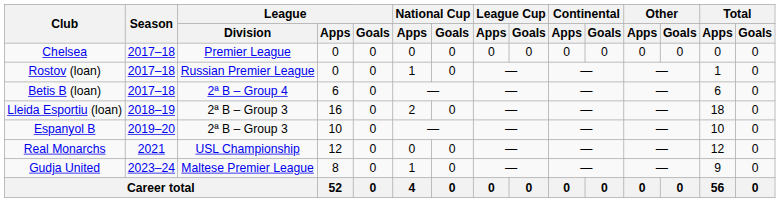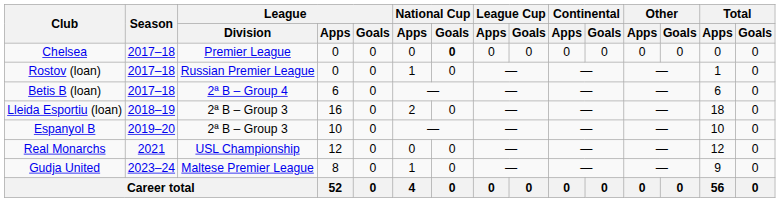 <table class="wikitable" style="text-align: center;">
 <tr>
 <th rowspan="2">Club</th>
 <th rowspan="2">Season</th>
 <th colspan="3">League</th>
 <th colspan="2">National Cup</th>
 <th colspan="2">League Cup</th>
 <th colspan="2">Continental</th>
 <th colspan="2">Other</th>
 <th colspan="2">Total</th>
 </tr>
 <tr>
 <th>Division</th>
 <th>Apps</th>
 <th>Goals</th>
 <th>Apps</th>
 <th>Goals</th>
 <th>Apps</th>
 <th>Goals</th>
 <th>Apps</th>
 <th>Goals</th>
 <th>Apps</th>
 <th>Goals</th>
 <th>Apps</th>
 <th>Goals</th>
 </tr>
 <tr>
 <td valign="center"><a href='#'>Chelsea</a></td>
 <td><a href='#'>2017–18</a></td>
 <td><a href='#'>Premier League</a></td>
 <td>0</td>
 <td>0</td>
 <td>0</td>
-<td>0</td>
+<td><strong>0</strong></td>
 <td>0</td>
 <td>0</td>
 <td>0</td>
 <td>0</td>
 <td>0</td>
 <td>0</td>
 <td>0</td>
 <td>0</td>
 </tr>
 <tr>
 <td valign="center"><a href='#'>Rostov</a> (loan)</td>
 <td><a href='#'>2017–18</a></td>
 <td><a href='#'>Russian Premier League</a></td>
 <td>0</td>
 <td>0</td>
 <td>1</td>
 <td>0</td>
 <td colspan="2">—</td>
 <td colspan="2">—</td>
 <td colspan="2">—</td>
 <td>1</td>
 <td>0</td>
 </tr>
 <tr>
 <td valign="center"><a href='#'>Betis B</a> (loan)</td>
 <td><a href='#'>2017–18</a></td>
 <td><a href='#'>2ª B – Group 4</a></td>
 <td>6</td>
 <td>0</td>
 <td colspan="2">—</td>
 <td colspan="2">—</td>
 <td colspan="2">—</td>
 <td colspan="2">—</td>
 <td>6</td>
 <td>0</td>
 </tr>
 <tr>
 <td valign="center"><a href='#'>Lleida Esportiu</a> (loan)</td>
 <td><a href='#'>2018–19</a></td>
 <td>2ª B – Group 3</td>
 <td>16</td>
 <td>0</td>
 <td>2</td>
 <td>0</td>
 <td colspan="2">—</td>
 <td colspan="2">—</td>
 <td colspan="2">—</td>
 <td>18</td>
 <td>0</td>
 </tr>
 <tr>
 <td valign="center"><a href='#'>Espanyol B</a></td>
 <td><a href='#'>2019–20</a></td>
 <td>2ª B – Group 3</td>
 <td>10</td>
 <td>0</td>
 <td colspan="2">—</td>
 <td colspan="2">—</td>
 <td colspan="2">—</td>
 <td colspan="2">—</td>
 <td>10</td>
 <td>0</td>
 </tr>
 <tr>
 <td valign="center"><a href='#'>Real Monarchs</a></td>
 <td><a href='#'>2021</a></td>
 <td><a href='#'>USL Championship</a></td>
 <td>12</td>
 <td>0</td>
 <td>0</td>
 <td>0</td>
 <td colspan="2">—</td>
 <td colspan="2">—</td>
 <td colspan="2">—</td>
 <td>12</td>
 <td>0</td>
 </tr>
 <tr>
 <td><a href='#'>Gudja United</a></td>
 <td><a href='#'>2023–24</a></td>
 <td><a href='#'>Maltese Premier League</a></td>
 <td>8</td>
 <td>0</td>
 <td>1</td>
 <td>0</td>
 <td colspan="2">—</td>
 <td colspan="2">—</td>
 <td colspan="2">—</td>
 <td>9</td>
 <td>0</td>
 </tr>
 <tr>
 <th colspan="3">Career total</th>
 <th>52</th>
 <th>0</th>
 <th>4</th>
 <th>0</th>
 <th>0</th>
 <th>0</th>
 <th>0</th>
 <th>0</th>
 <th>0</th>
 <th>0</th>
 <th>56</th>
 <th>0</th>
 </tr>
 </table>
